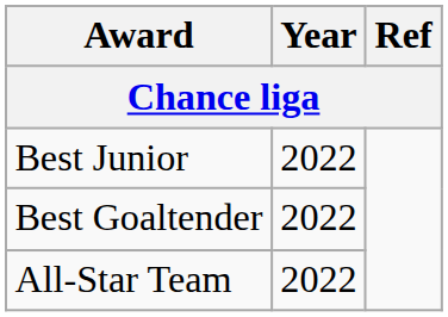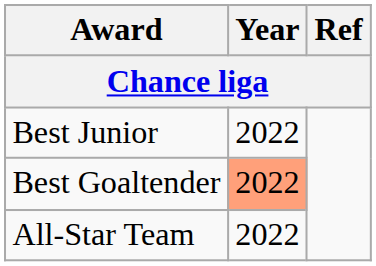 <table class="wikitable">
 <tr>
 <th>Award</th>
 <th>Year</th>
 <th>Ref</th>
 </tr>
 <tr>
 <th colspan="3"><a href='#'>Chance liga</a></th>
 </tr>
 <tr>
 <td>Best Junior</td>
 <td>2022</td>
 <td rowspan="3"></td>
 </tr>
 <tr>
 <td>Best Goaltender</td>
-<td>2022</td>
+<td style="background: lightsalmon;">2022</td>
 </tr>
 <tr>
 <td>All-Star Team</td>
 <td>2022</td>
 </tr>
 </table>
